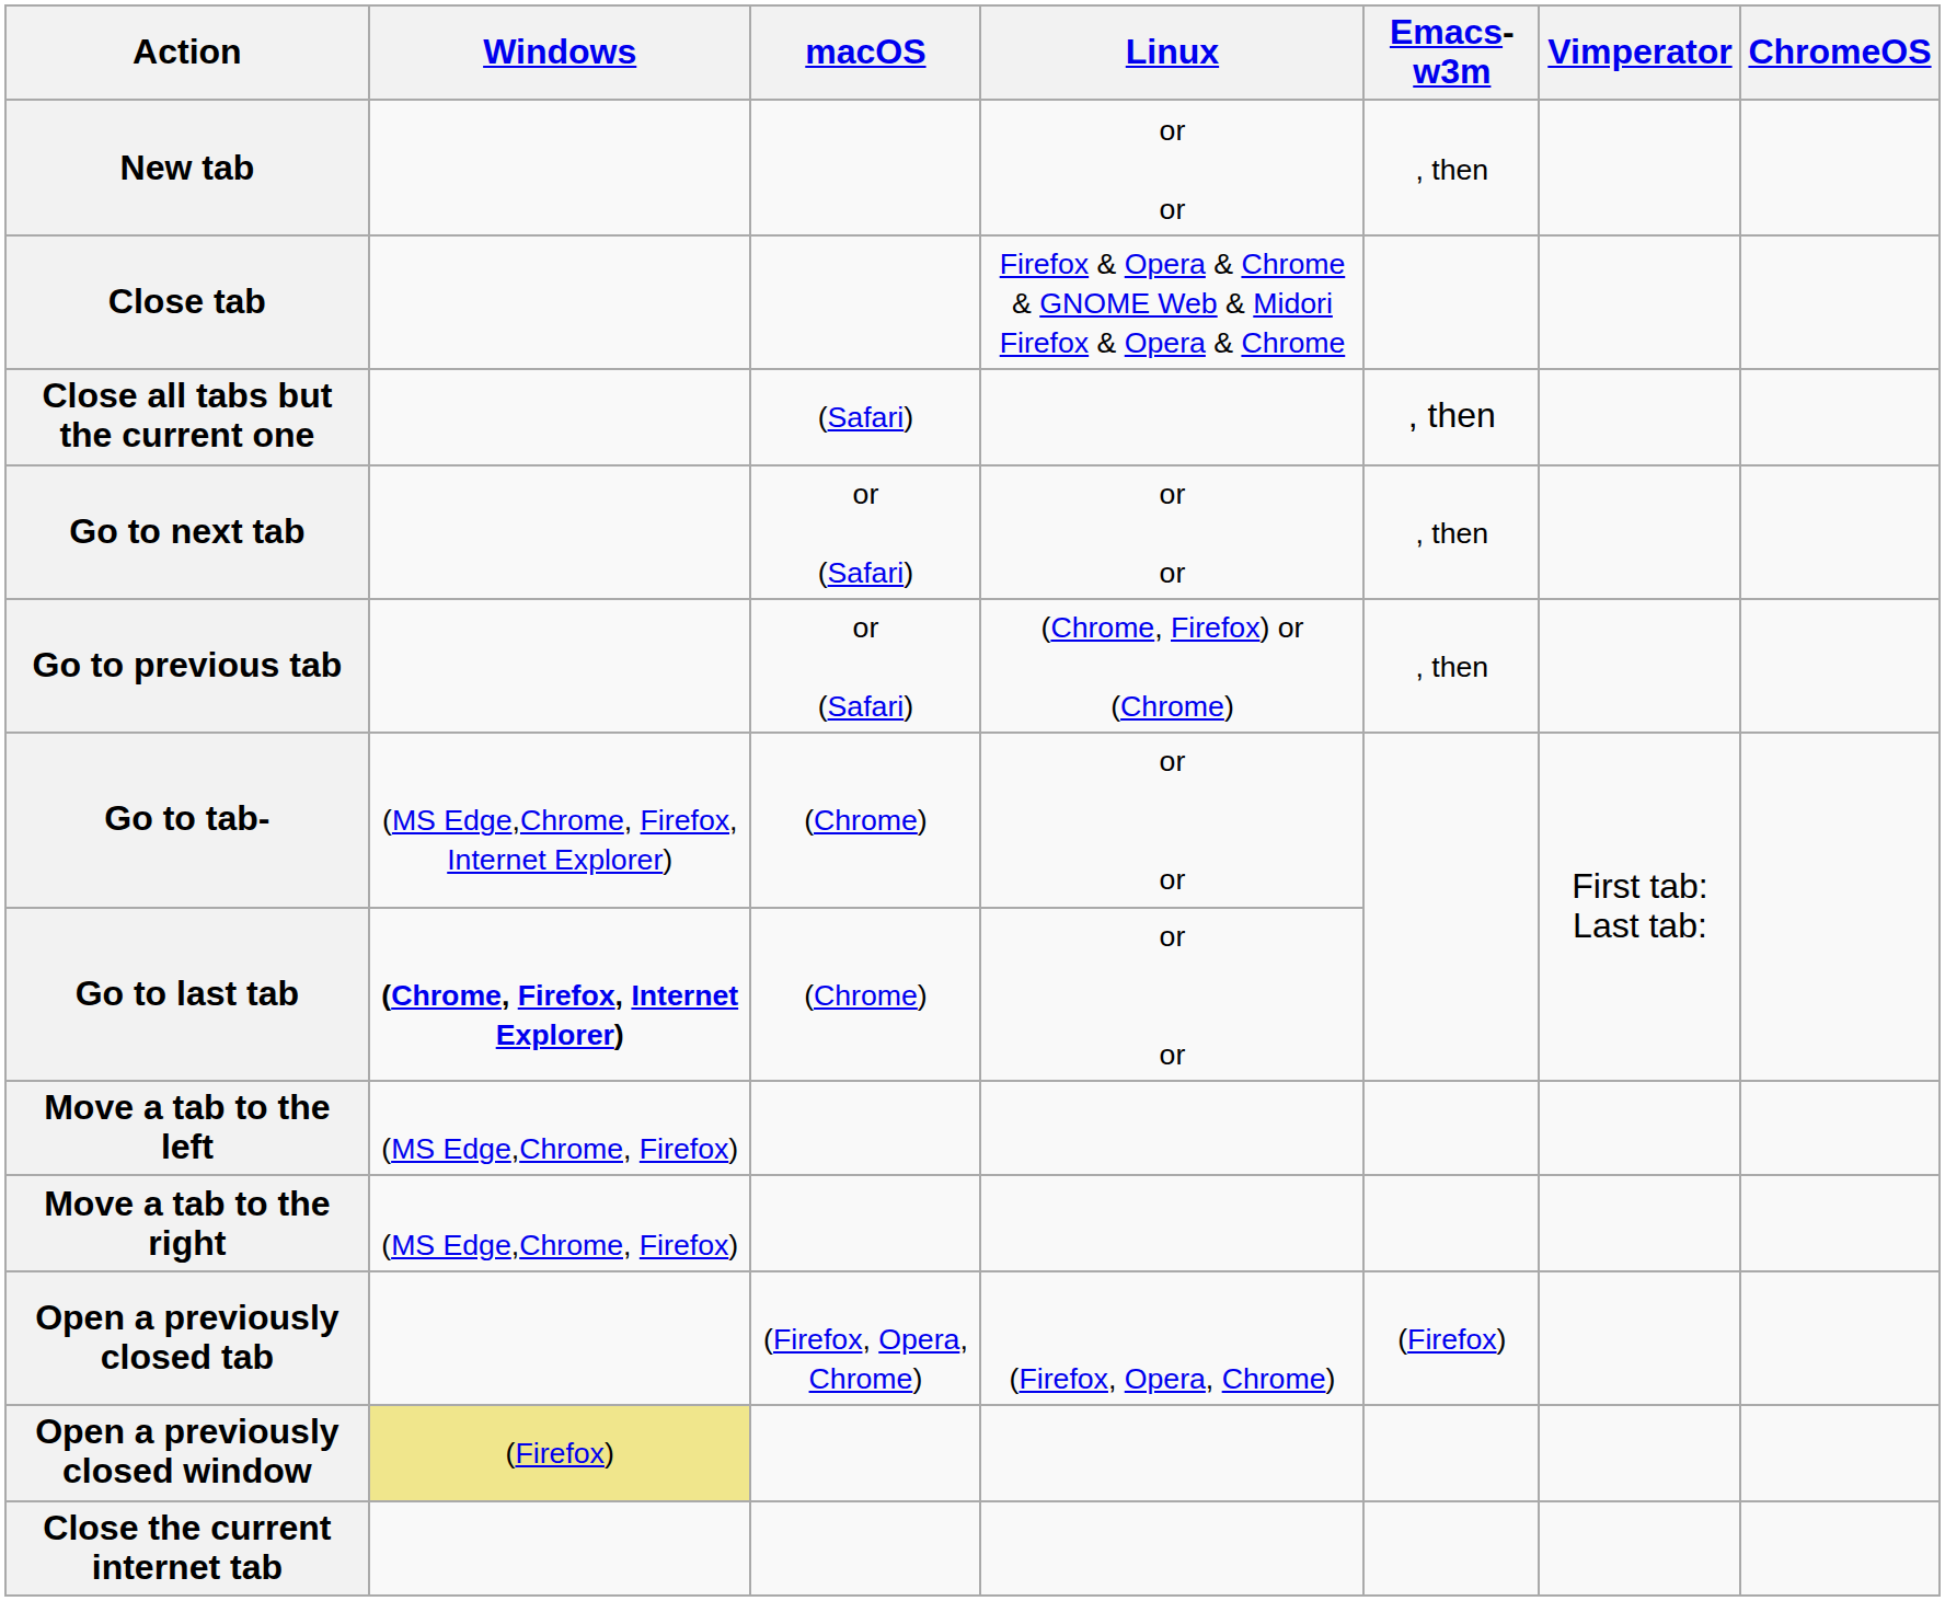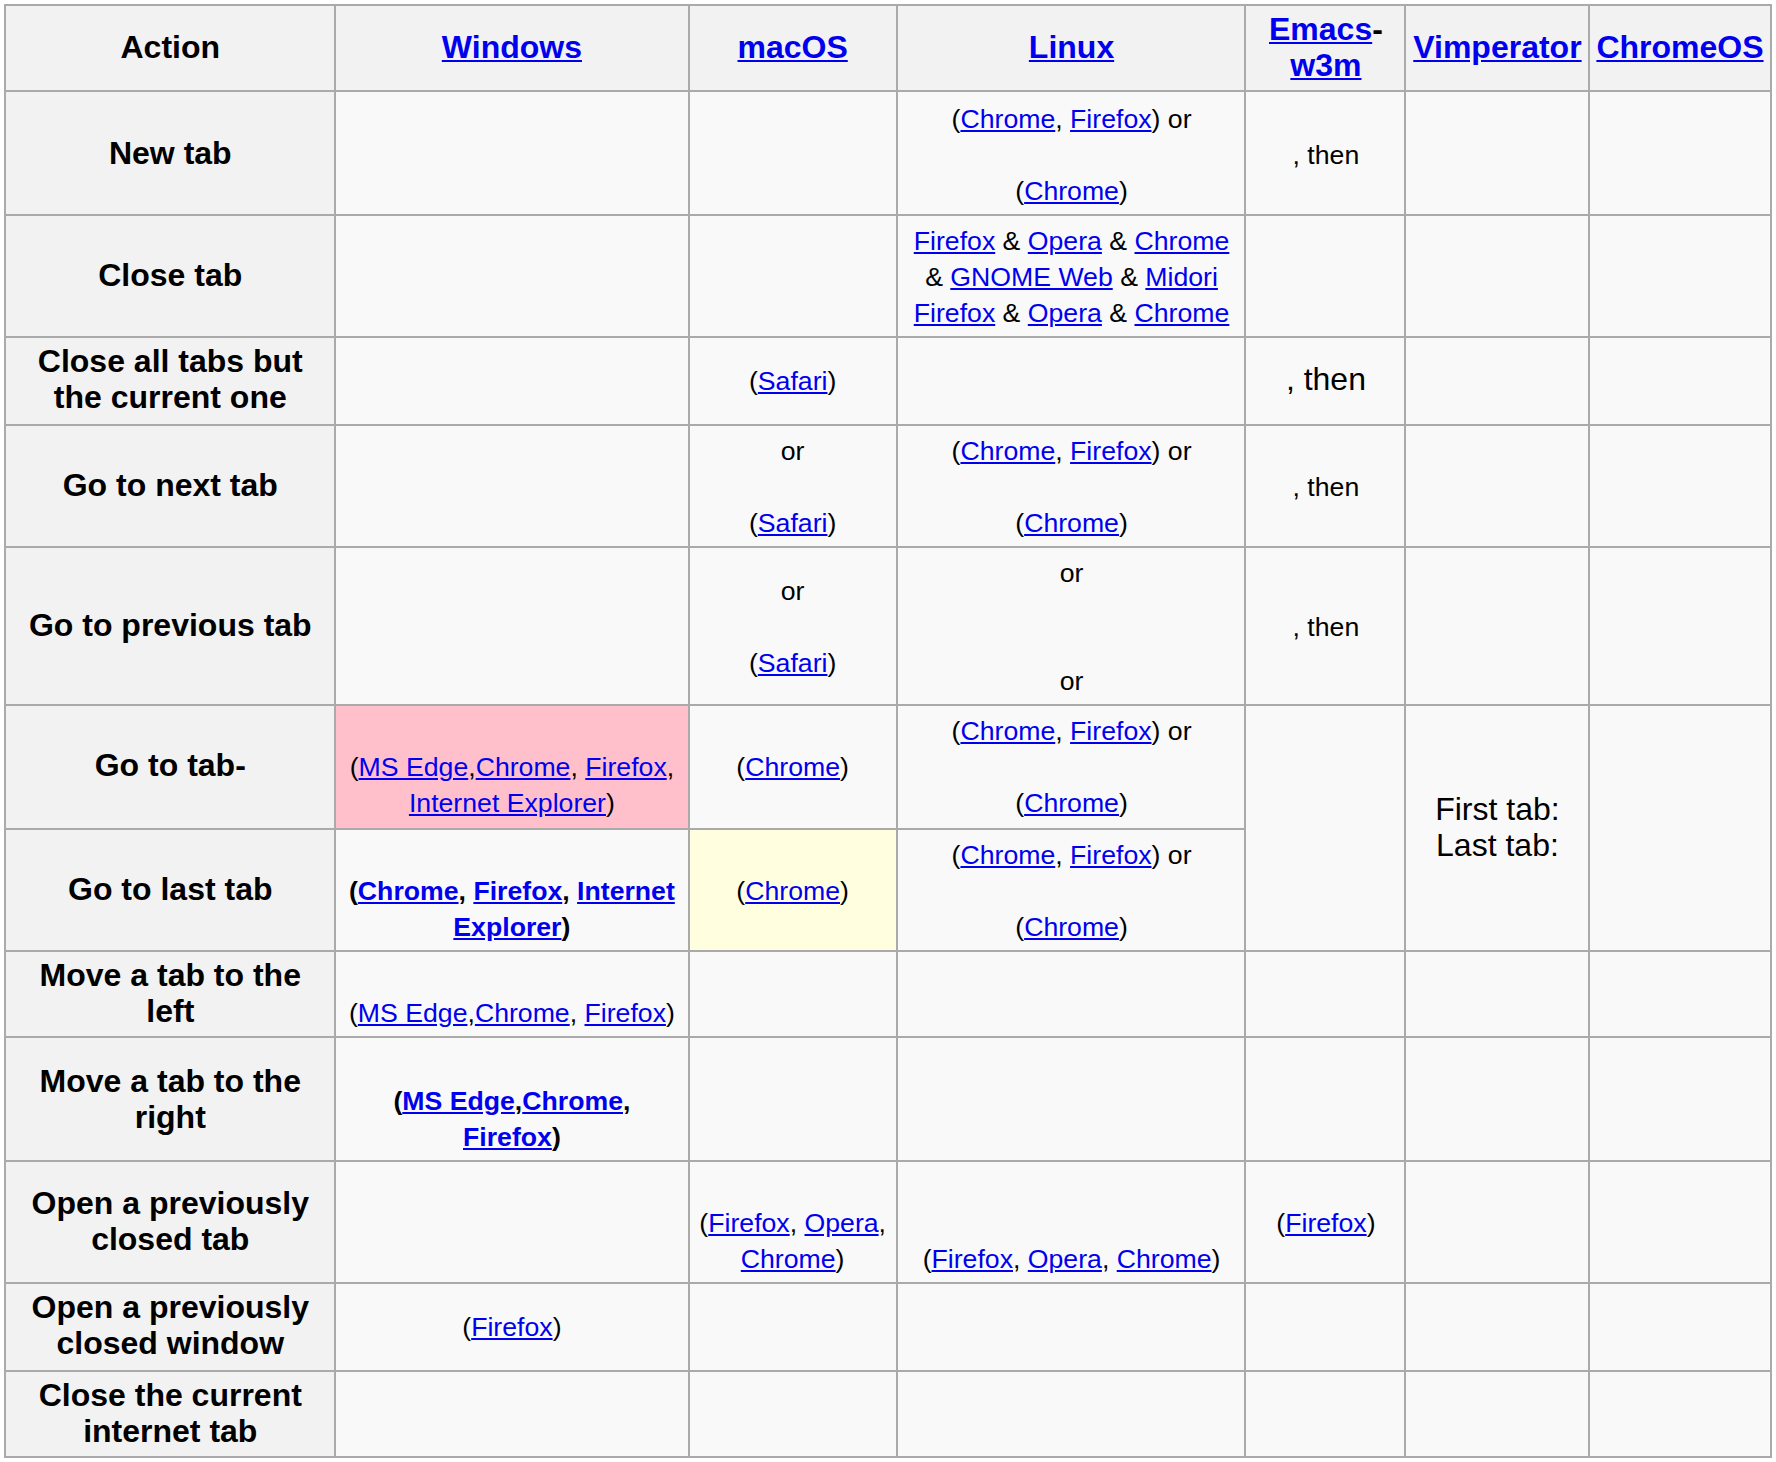 <table class="wikitable" style="width: 100%; text-align: center;">
 <tr>
 <th scope="col">Action</th>
 <th scope="col"><a href='#'>Windows</a></th>
 <th scope="col"><a href='#'>macOS</a></th>
 <th scope="col"><a href='#'>Linux</a></th>
 <th scope="col"><a href='#'>Emacs</a>-<a href='#'>w3m</a></th>
 <th scope="col"><a href='#'>Vimperator</a></th>
 <th scope="col"><a href='#'>ChromeOS</a></th>
 </tr>
 <tr>
 <th scope="row">New tab</th>
 <td></td>
 <td></td>
-<td><small> or</small><br><br><small> or</small> <br> </td>
+<td> <small>(<a href='#'>Chrome</a>, <a href='#'>Firefox</a>) or</small><br><br> <small>(<a href='#'>Chrome</a>)</small></td>
 <td><small>, then</small> </td>
 <td></td>
 <td></td>
 </tr>
 <tr>
 <th scope="row">Close tab</th>
 <td></td>
 <td></td>
 <td> <small><a href='#'>Firefox</a></small><small> & <a href='#'>Opera</a> & <a href='#'>Chrome</a> & <a href='#'>GNOME Web</a> & <a href='#'>Midori</a></small><br> <small><a href='#'>Firefox</a> & <a href='#'>Opera</a> & <a href='#'>Chrome</a></small></td>
 <td></td>
 <td></td>
 <td></td>
 </tr>
 <tr>
 <th scope="row">Close all tabs but the current one</th>
 <td></td>
 <td><small></small> <small>(<a href='#'>Safari</a>)</small></td>
 <td></td>
 <td>, then </td>
 <td></td>
 <td></td>
 </tr>
 <tr>
 <th scope="row">Go to next tab</th>
 <td></td>
 <td> <small>or</small><br><br><small></small> <small>(<a href='#'>Safari</a>)</small></td>
-<td> <small>or</small><br><br> <small>or</small><br> </td>
+<td> <small>(<a href='#'>Chrome</a>, <a href='#'>Firefox</a>) or</small><br><br> <small>(<a href='#'>Chrome</a>)</small></td>
 <td><small>, then</small> </td>
 <td></td>
 <td></td>
 </tr>
 <tr>
 <th scope="row">Go to previous tab</th>
 <td><small></small></td>
 <td><small> or</small><br><br><small> (<a href='#'>Safari</a>)</small></td>
-<td> <small>(<a href='#'>Chrome</a>, <a href='#'>Firefox</a>) or</small><br><br> <small>(<a href='#'>Chrome</a>)</small></td>
+<td> <small>or</small><br><br><small><br> or</small> </td>
 <td><small>, then</small> </td>
 <td></td>
 <td></td>
 </tr>
 <tr>
 <th scope="row">Go to tab-</th>
-<td> <small><br>(<a href='#'>MS Edge</a>,<a href='#'>Chrome</a>, <a href='#'>Firefox</a>, <a href='#'>Internet Explorer</a>)</small></td>
+<td style="background: pink;"> <small><br>(<a href='#'>MS Edge</a>,<a href='#'>Chrome</a>, <a href='#'>Firefox</a>, <a href='#'>Internet Explorer</a>)</small></td>
 <td> <small>(<a href='#'>Chrome</a>)</small></td>
-<td> <small>or</small><br><br><small><br> or</small> </td>
+<td> <small>(<a href='#'>Chrome</a>, <a href='#'>Firefox</a>) or</small><br><br> <small>(<a href='#'>Chrome</a>)</small></td>
 <td rowspan="2"></td>
 <td rowspan="2">First tab: <br>Last tab: </td>
 <td rowspan="2"></td>
 </tr>
 <tr>
 <th scope="row">Go to last tab</th>
 <td><strong> <small><br>(<a href='#'>Chrome</a>, <a href='#'>Firefox</a>, <a href='#'>Internet Explorer</a>)</small></strong></td>
-<td> <small>(<a href='#'>Chrome</a>)</small></td>
-<td> <small>or</small><br><br><small><br> or</small> </td>
+<td style="background: lightyellow;"> <small>(<a href='#'>Chrome</a>)</small></td>
+<td> <small>(<a href='#'>Chrome</a>, <a href='#'>Firefox</a>) or</small><br><br> <small>(<a href='#'>Chrome</a>)</small></td>
 </tr>
 <tr>
 <th scope="row">Move a tab to the left</th>
 <td><small><br>(<a href='#'>MS Edge</a>,<a href='#'>Chrome</a>, <a href='#'>Firefox</a>)</small></td>
 <td></td>
 <td></td>
 <td></td>
 <td></td>
 <td></td>
 </tr>
 <tr>
 <th scope="row">Move a tab to the right</th>
-<td><small><br>(<a href='#'>MS Edge</a>,<a href='#'>Chrome</a>, <a href='#'>Firefox</a>)</small></td>
+<td><strong><small><br>(<a href='#'>MS Edge</a>,<a href='#'>Chrome</a>, <a href='#'>Firefox</a>)</small></strong></td>
 <td></td>
 <td></td>
 <td></td>
 <td></td>
 <td></td>
 </tr>
 <tr>
 <th scope="row">Open a previously closed tab</th>
 <td><small></small></td>
 <td><small></small><br> <small>(<a href='#'>Firefox</a>, <a href='#'>Opera</a>, <a href='#'>Chrome</a>)</small></td>
 <td><small></small><br><br><small>(<a href='#'>Firefox</a>, <a href='#'>Opera</a>, <a href='#'>Chrome</a>)</small></td>
 <td><small> (<a href='#'>Firefox</a>)</small></td>
 <td></td>
 <td></td>
 </tr>
 <tr>
 <th scope="row">Open a previously closed window</th>
-<td style="background: khaki;"><small></small> <small>(<a href='#'>Firefox</a>)</small></td>
+<td><small></small> <small>(<a href='#'>Firefox</a>)</small></td>
 <td></td>
 <td></td>
 <td></td>
 <td></td>
 <td></td>
 </tr>
 <tr>
 <th scope="row">Close the current internet tab</th>
 <td></td>
 <td></td>
 <td></td>
 <td></td>
 <td></td>
 <td></td>
 </tr>
 </table>
